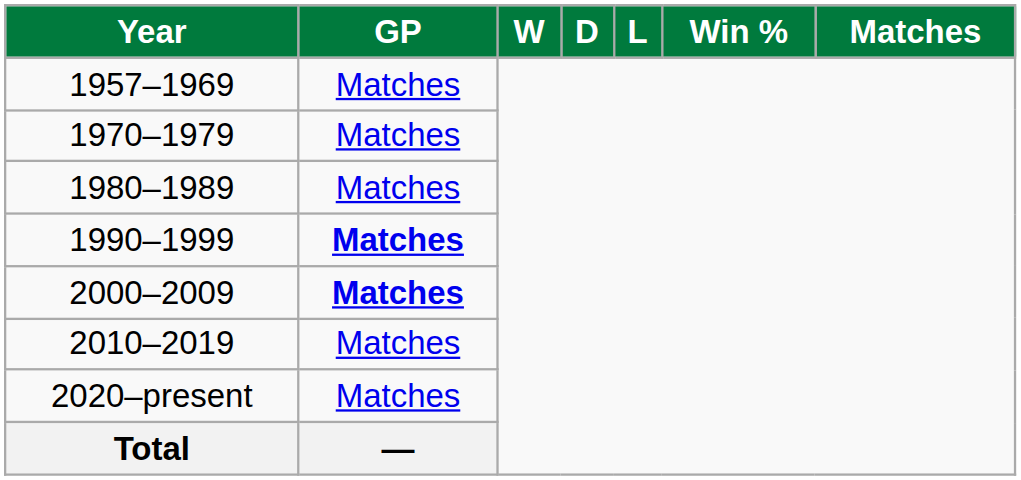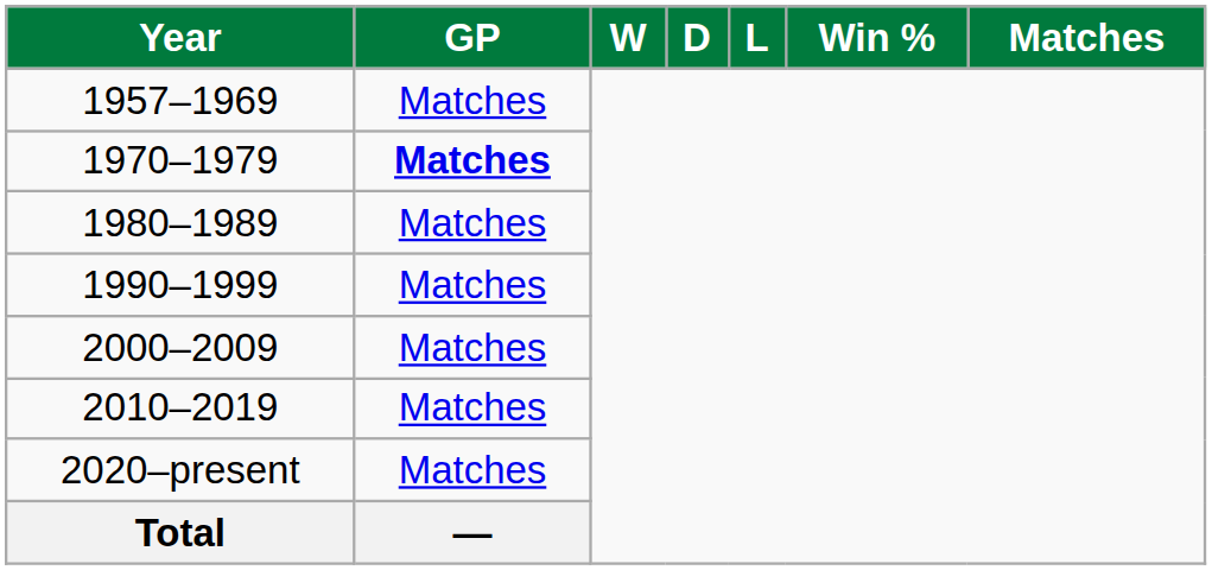 <table class="wikitable collapsed" style="font-size:90%; text-align:center;" width="50%">
 <tr>
 <th style="background: #007A3D; color: #FFFFFF;">Year</th>
 <th style="background: #007A3D; color: #FFFFFF;">GP</th>
 <th style="background: #007A3D; color: #FFFFFF;">W</th>
 <th style="background: #007A3D; color: #FFFFFF;">D</th>
 <th style="background: #007A3D; color: #FFFFFF;">L</th>
 <th style="background: #007A3D; color: #FFFFFF;">Win %</th>
 <th style="background: #007A3D; color: #FFFFFF;">Matches</th>
 </tr>
 <tr>
 <td>1957–1969<br></td>
 <td><a href='#'>Matches</a></td>
 </tr>
 <tr>
 <td>1970–1979<br></td>
-<td><a href='#'>Matches</a></td>
+<td><strong><a href='#'>Matches</a></strong></td>
 </tr>
 <tr>
 <td>1980–1989<br></td>
 <td><a href='#'>Matches</a></td>
 </tr>
 <tr>
 <td>1990–1999<br></td>
-<td><strong><a href='#'>Matches</a></strong></td>
+<td><a href='#'>Matches</a></td>
 </tr>
 <tr>
 <td>2000–2009<br></td>
-<td><strong><a href='#'>Matches</a></strong></td>
+<td><a href='#'>Matches</a></td>
 </tr>
 <tr>
 <td>2010–2019<br></td>
 <td><a href='#'>Matches</a></td>
 </tr>
 <tr>
 <td>2020–present<br></td>
 <td><a href='#'>Matches</a></td>
 </tr>
 <tr>
 <th>Total<br></th>
 <th>—</th>
 </tr>
 </table>
